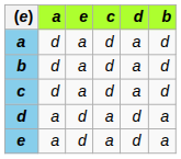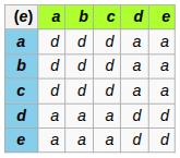 <table class="wikitable" border="1" width="20%" style="margin:1em auto;">
 <tr>
 <th> (<em>e</em>)</th>
 <th style="background:#ADFF2F">  <em>a</em></th>
-<th style="background:#ADFF2F">  <em>e</em></th>
+<th style="background:#ADFF2F">  <em>b</em></th>
 <th style="background:#ADFF2F">  <em>c</em></th>
 <th style="background:#ADFF2F">  <em>d</em></th>
-<th style="background:#ADFF2F">  <em>b</em></th>
+<th style="background:#ADFF2F">  <em>e</em></th>
 </tr>
 <tr>
 <td style="background:#87CEEB">  <strong> <em>a</em> </strong></td>
 <td>  <em>d</em></td>
-<td>  <em>a</em></td>
+<td>  <em>d</em></td>
 <td>  <em>d</em></td>
 <td>  <em>a</em></td>
-<td>  <em>d</em></td>
+<td>  <em>a</em></td>
 </tr>
 <tr>
 <td style="background:#87CEEB">  <strong> <em>b</em> </strong></td>
 <td>  <em>d</em></td>
-<td>  <em>a</em></td>
+<td>  <em>d</em></td>
 <td>  <em>d</em></td>
 <td>  <em>a</em></td>
-<td>  <em>d</em></td>
+<td>  <em>a</em></td>
 </tr>
 <tr>
 <td style="background:#87CEEB">  <strong> <em>c</em> </strong></td>
 <td>  <em>d</em></td>
-<td>  <em>a</em></td>
+<td>  <em>d</em></td>
 <td>  <em>d</em></td>
 <td>  <em>a</em></td>
-<td>  <em>d</em></td>
+<td>  <em>a</em></td>
 </tr>
 <tr>
 <td style="background:#87CEEB">  <strong> <em>d</em> </strong></td>
 <td>  <em>a</em></td>
-<td>  <em>d</em></td>
+<td>  <em>a</em></td>
 <td>  <em>a</em></td>
 <td>  <em>d</em></td>
-<td>  <em>a</em></td>
+<td>  <em>d</em></td>
 </tr>
 <tr>
 <td style="background:#87CEEB">  <strong> <em>e</em> </strong></td>
 <td>  <em>a</em></td>
-<td>  <em>d</em></td>
+<td>  <em>a</em></td>
 <td>  <em>a</em></td>
 <td>  <em>d</em></td>
-<td>  <em>a</em></td>
+<td>  <em>d</em></td>
 </tr>
 </table>
